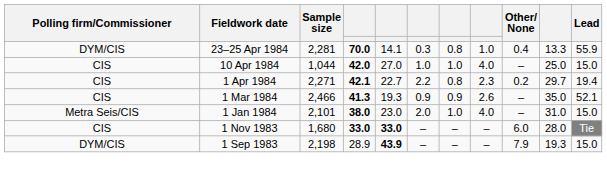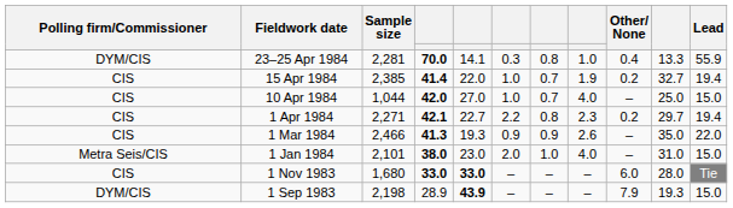 <table class="wikitable collapsible collapsed" style="text-align:center; font-size:90%; line-height:14px;">
 <tr style="height:42px;">
 <th style="width:250px;" rowspan="2">Polling firm/Commissioner</th>
 <th style="width:125px;" rowspan="2">Fieldwork date</th>
 <th style="width:50px;" rowspan="2">Sample size</th>
 <th style="width:35px;"></th>
 <th style="width:35px;"></th>
 <th style="width:35px;"></th>
 <th style="width:35px;"></th>
 <th style="width:35px;"></th>
 <th style="width:35px;" rowspan="2">Other/<br>None</th>
 <th style="width:35px;" rowspan="2"></th>
 <th style="width:30px;" rowspan="2">Lead</th>
 </tr>
 <tr>
 <th style="color:inherit;background:"></th>
 <th style="color:inherit;background:"></th>
 <th style="color:inherit;background:"></th>
 <th style="color:inherit;background:"></th>
 <th style="color:inherit;background:"></th>
 </tr>
 <tr>
 <td>DYM/CIS</td>
 <td>23–25 Apr 1984</td>
 <td>2,281</td>
 <td><strong>70.0</strong></td>
 <td>14.1</td>
 <td>0.3</td>
 <td>0.8</td>
 <td>1.0</td>
 <td>0.4</td>
 <td>13.3</td>
 <td style="background:">55.9</td>
 </tr>
 <tr>
 <td>CIS</td>
+<td>15 Apr 1984</td>
+<td>2,385</td>
+<td><strong>41.4</strong></td>
+<td>22.0</td>
+<td>1.0</td>
+<td>0.7</td>
+<td>1.9</td>
+<td>0.2</td>
+<td>32.7</td>
+<td style="background:">19.4</td>
+</tr>
+<tr>
+<td>CIS</td>
 <td>10 Apr 1984</td>
 <td>1,044</td>
 <td><strong>42.0</strong></td>
 <td>27.0</td>
 <td>1.0</td>
-<td>1.0</td>
+<td>0.7</td>
 <td>4.0</td>
 <td>–</td>
 <td>25.0</td>
 <td style="background:">15.0</td>
 </tr>
 <tr>
 <td>CIS</td>
 <td>1 Apr 1984</td>
 <td>2,271</td>
 <td><strong>42.1</strong></td>
 <td>22.7</td>
 <td>2.2</td>
 <td>0.8</td>
 <td>2.3</td>
 <td>0.2</td>
 <td>29.7</td>
 <td style="background:">19.4</td>
 </tr>
 <tr>
 <td>CIS</td>
 <td>1 Mar 1984</td>
 <td>2,466</td>
 <td><strong>41.3</strong></td>
 <td>19.3</td>
 <td>0.9</td>
 <td>0.9</td>
 <td>2.6</td>
 <td>–</td>
 <td>35.0</td>
-<td style="background:">52.1</td>
+<td style="background:">22.0</td>
 </tr>
 <tr>
 <td>Metra Seis/CIS</td>
 <td>1 Jan 1984</td>
 <td>2,101</td>
 <td><strong>38.0</strong></td>
 <td>23.0</td>
 <td>2.0</td>
 <td>1.0</td>
 <td>4.0</td>
 <td>–</td>
 <td>31.0</td>
 <td style="background:">15.0</td>
 </tr>
 <tr>
 <td>CIS</td>
 <td>1 Nov 1983</td>
 <td>1,680</td>
 <td><strong>33.0</strong></td>
 <td><strong>33.0</strong></td>
 <td>–</td>
 <td>–</td>
 <td>–</td>
 <td>6.0</td>
 <td>28.0</td>
 <td style="background:gray;color:white;">Tie</td>
 </tr>
 <tr>
 <td>DYM/CIS</td>
 <td>1 Sep 1983</td>
 <td>2,198</td>
 <td>28.9</td>
 <td><strong>43.9</strong></td>
 <td>–</td>
 <td>–</td>
 <td>–</td>
 <td>7.9</td>
 <td>19.3</td>
 <td style="background:">15.0</td>
 </tr>
 </table>
